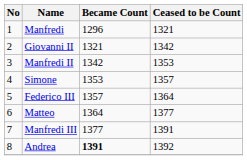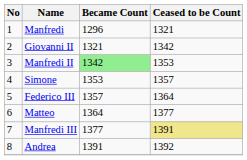 <table class="wikitable sortable">
 <tr>
 <th>No</th>
 <th>Name</th>
 <th>Became Count</th>
 <th>Ceased to be Count</th>
 </tr>
 <tr>
 <td>1</td>
 <td><a href='#'>Manfredi</a></td>
 <td>1296</td>
 <td>1321</td>
 </tr>
 <tr>
 <td>2</td>
 <td><a href='#'>Giovanni II</a></td>
 <td>1321</td>
 <td>1342</td>
 </tr>
 <tr>
 <td>3</td>
 <td><a href='#'>Manfredi II</a></td>
-<td>1342</td>
+<td style="background: lightgreen;">1342</td>
 <td>1353</td>
 </tr>
 <tr>
 <td>4</td>
 <td><a href='#'>Simone</a></td>
 <td>1353</td>
 <td>1357</td>
 </tr>
 <tr>
 <td>5</td>
 <td><a href='#'>Federico III</a></td>
 <td>1357</td>
 <td>1364</td>
 </tr>
 <tr>
 <td>6</td>
 <td><a href='#'>Matteo</a></td>
 <td>1364</td>
 <td>1377</td>
 </tr>
 <tr>
 <td>7</td>
 <td><a href='#'>Manfredi III</a></td>
 <td>1377</td>
-<td>1391</td>
+<td style="background: khaki;">1391</td>
 </tr>
 <tr>
 <td>8</td>
 <td><a href='#'>Andrea</a></td>
-<td><strong>1391</strong></td>
+<td>1391</td>
 <td>1392</td>
 </tr>
 <tr>
 </tr>
 </table>
